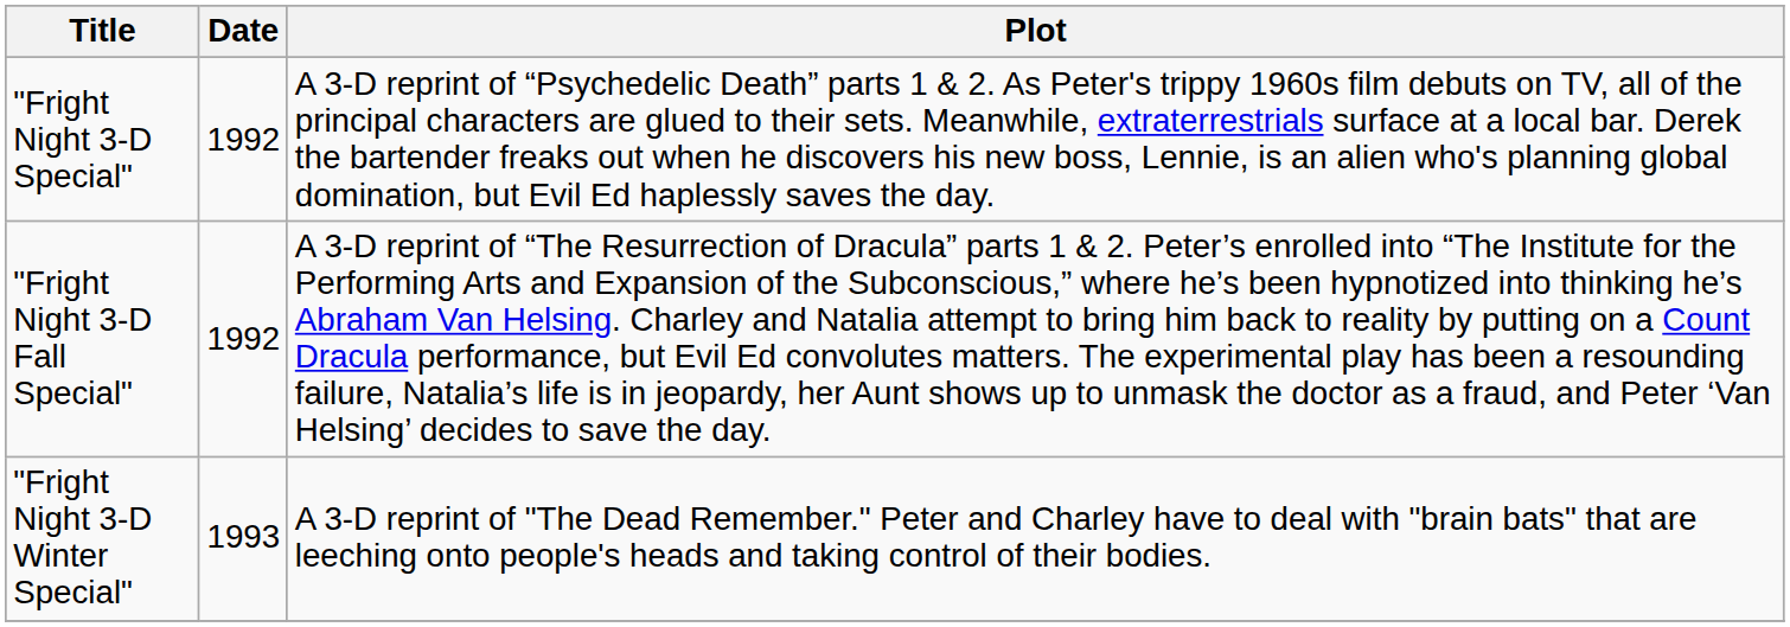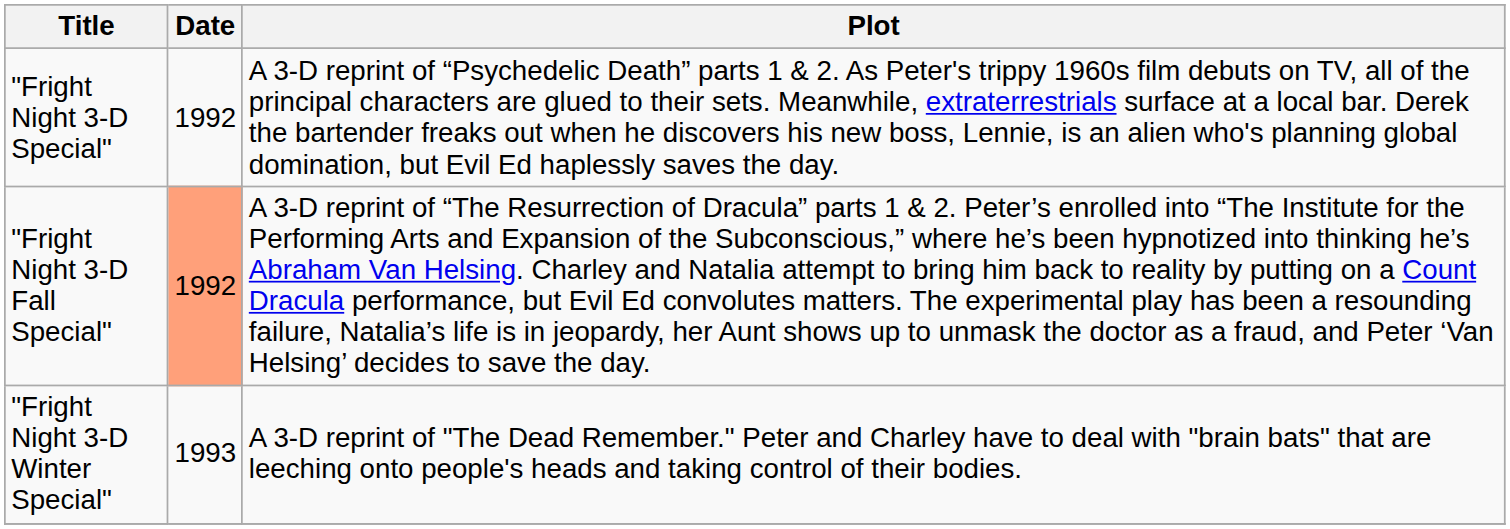 <table class="wikitable">
 <tr>
 <th>Title</th>
 <th>Date</th>
 <th>Plot</th>
 </tr>
 <tr>
 <td>"Fright Night 3-D Special"</td>
 <td>1992</td>
 <td>A 3-D reprint of “Psychedelic Death” parts 1 & 2. As Peter's trippy 1960s film debuts on TV, all of the principal characters are glued to their sets. Meanwhile, <a href='#'>extraterrestrials</a> surface at a local bar. Derek the bartender freaks out when he discovers his new boss, Lennie, is an alien who's planning global domination, but Evil Ed haplessly saves the day.</td>
 </tr>
 <tr>
 <td>"Fright Night 3-D Fall Special"</td>
-<td>1992</td>
+<td style="background: lightsalmon;">1992</td>
 <td>A 3-D reprint of “The Resurrection of Dracula” parts 1 & 2. Peter’s enrolled into “The Institute for the Performing Arts and Expansion of the Subconscious,” where he’s been hypnotized into thinking he’s <a href='#'>Abraham Van Helsing</a>. Charley and Natalia attempt to bring him back to reality by putting on a <a href='#'>Count Dracula</a> performance, but Evil Ed convolutes matters. The experimental play has been a resounding failure, Natalia’s life is in jeopardy, her Aunt shows up to unmask the doctor as a fraud, and Peter ‘Van Helsing’ decides to save the day.</td>
 </tr>
 <tr>
 <td>"Fright Night 3-D Winter Special"</td>
 <td>1993</td>
 <td>A 3-D reprint of "The Dead Remember." Peter and Charley have to deal with "brain bats" that are leeching onto people's heads and taking control of their bodies.</td>
 </tr>
 <tr>
 </tr>
 </table>
